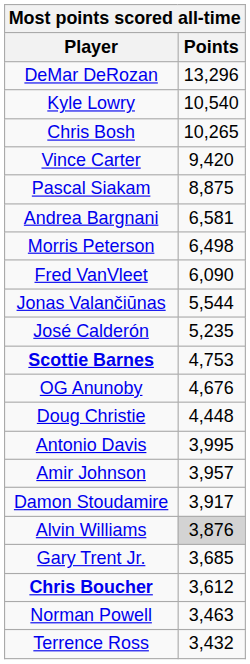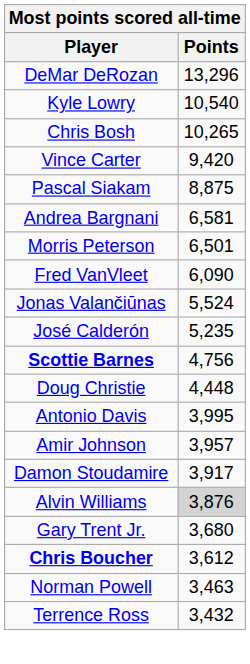 <table class="wikitable sortable" style="text-align:center">
 <tr>
 <th colspan="2">Most points scored all-time</th>
 </tr>
 <tr>
 <th>Player</th>
 <th>Points</th>
 </tr>
 <tr>
 <td><a href='#'>DeMar DeRozan</a></td>
 <td>13,296</td>
 </tr>
 <tr>
 <td><a href='#'>Kyle Lowry</a></td>
 <td>10,540</td>
 </tr>
 <tr>
 <td><a href='#'>Chris Bosh</a></td>
 <td>10,265</td>
 </tr>
 <tr>
 <td><a href='#'>Vince Carter</a></td>
 <td>9,420</td>
 </tr>
 <tr>
 <td><a href='#'>Pascal Siakam</a></td>
 <td>8,875</td>
 </tr>
 <tr>
 <td><a href='#'>Andrea Bargnani</a></td>
 <td>6,581</td>
 </tr>
 <tr>
 <td><a href='#'>Morris Peterson</a></td>
-<td>6,498</td>
+<td>6,501</td>
 </tr>
 <tr>
 <td><a href='#'>Fred VanVleet</a></td>
 <td>6,090</td>
 </tr>
 <tr>
 <td><a href='#'>Jonas Valančiūnas</a></td>
-<td>5,544</td>
+<td>5,524</td>
 </tr>
 <tr>
 <td><a href='#'>José Calderón</a></td>
 <td>5,235</td>
 </tr>
 <tr>
 <td><strong><a href='#'>Scottie Barnes</a></strong></td>
-<td>4,753</td>
-</tr>
-<tr>
-<td><a href='#'>OG Anunoby</a></td>
-<td>4,676</td>
+<td>4,756</td>
 </tr>
 <tr>
 <td><a href='#'>Doug Christie</a></td>
 <td>4,448</td>
 </tr>
 <tr>
 <td><a href='#'>Antonio Davis</a></td>
 <td>3,995</td>
 </tr>
 <tr>
 <td><a href='#'>Amir Johnson</a></td>
 <td>3,957</td>
 </tr>
 <tr>
 <td><a href='#'>Damon Stoudamire</a></td>
 <td>3,917</td>
 </tr>
 <tr>
 <td><a href='#'>Alvin Williams</a></td>
 <td style="background: lightgrey;">3,876</td>
 </tr>
 <tr>
 <td><a href='#'>Gary Trent Jr.</a></td>
-<td>3,685</td>
+<td>3,680</td>
 </tr>
 <tr>
 <td><strong><a href='#'>Chris Boucher</a></strong></td>
 <td>3,612</td>
 </tr>
 <tr>
 <td><a href='#'>Norman Powell</a></td>
 <td>3,463</td>
 </tr>
 <tr>
 <td><a href='#'>Terrence Ross</a></td>
 <td>3,432</td>
 </tr>
 </table>
